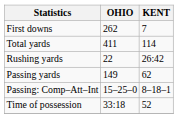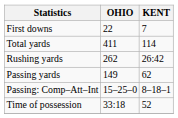 <table class="wikitable" style="float: left;">
 <tr>
 <th>Statistics</th>
 <th>OHIO</th>
 <th>KENT</th>
 </tr>
 <tr>
 <td>First downs</td>
-<td>262</td>
+<td>22</td>
 <td>7</td>
 </tr>
 <tr>
 <td>Total yards</td>
 <td>411</td>
 <td>114</td>
 </tr>
 <tr>
 <td>Rushing yards</td>
-<td>22</td>
+<td>262</td>
 <td>26:42</td>
 </tr>
 <tr>
 <td>Passing yards</td>
 <td>149</td>
 <td>62</td>
 </tr>
 <tr>
 <td>Passing: Comp–Att–Int</td>
 <td>15–25–0</td>
 <td>8–18–1</td>
 </tr>
 <tr>
 <td>Time of possession</td>
 <td>33:18</td>
 <td>52</td>
 </tr>
 <tr>
 </tr>
 </table>
